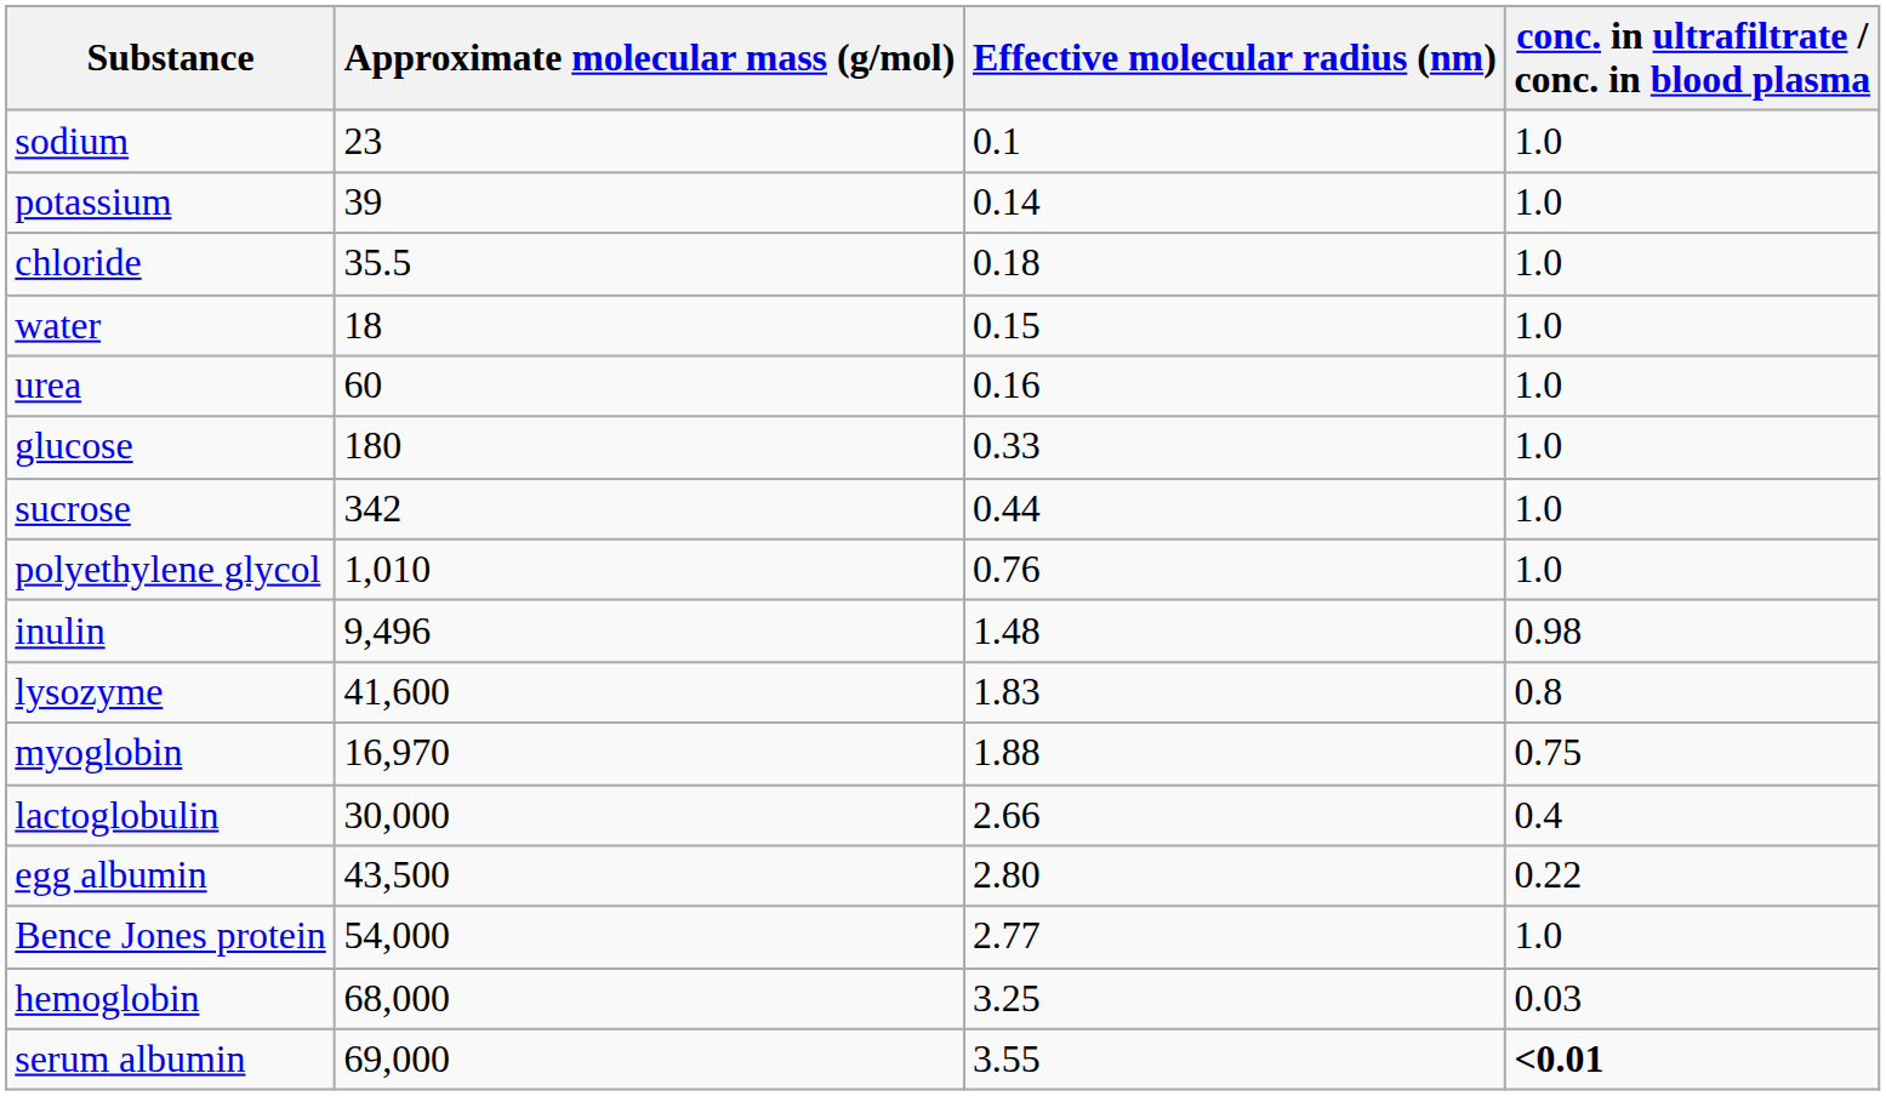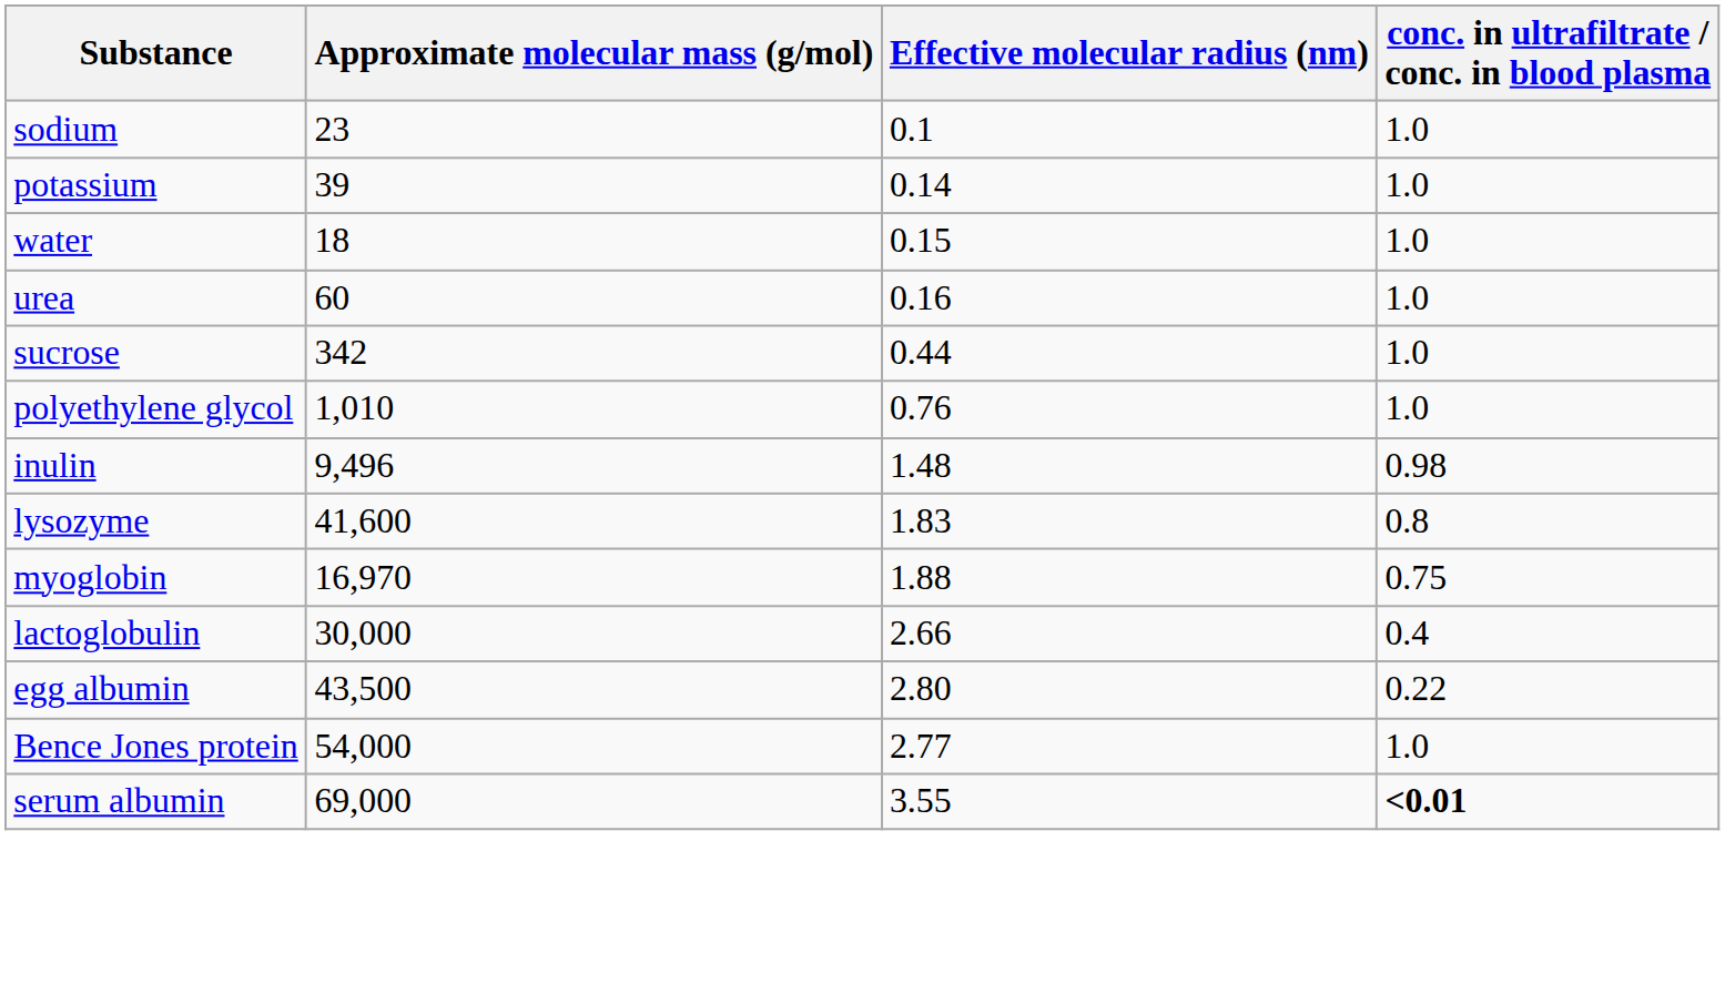 <table class="sortable wikitable" style="halign:center;">
 <tr>
 <th>Substance</th>
 <th>Approximate <a href='#'>molecular mass</a> (g/mol)</th>
 <th><a href='#'>Effective molecular radius</a> (<a href='#'>nm</a>)</th>
 <th><a href='#'>conc.</a> in <a href='#'>ultrafiltrate</a> / <br> conc. in <a href='#'>blood plasma</a></th>
 </tr>
 <tr>
 <td><a href='#'>sodium</a></td>
 <td>23</td>
 <td>0.1</td>
 <td>1.0</td>
 </tr>
 <tr>
 <td><a href='#'>potassium</a></td>
 <td>39</td>
 <td>0.14</td>
 <td>1.0</td>
 </tr>
 <tr>
-<td><a href='#'>chloride</a></td>
-<td>35.5</td>
-<td>0.18</td>
-<td>1.0</td>
-</tr>
-<tr>
 <td><a href='#'>water</a></td>
 <td>18</td>
 <td>0.15</td>
 <td>1.0</td>
 </tr>
 <tr>
 <td><a href='#'>urea</a></td>
 <td>60</td>
 <td>0.16</td>
-<td>1.0</td>
-</tr>
-<tr>
-<td><a href='#'>glucose</a></td>
-<td>180</td>
-<td>0.33</td>
 <td>1.0</td>
 </tr>
 <tr>
 <td><a href='#'>sucrose</a></td>
 <td>342</td>
 <td>0.44</td>
 <td>1.0</td>
 </tr>
 <tr>
 <td><a href='#'>polyethylene glycol</a></td>
 <td>1,010</td>
 <td>0.76</td>
 <td>1.0</td>
 </tr>
 <tr>
 <td><a href='#'>inulin</a></td>
 <td>9,496</td>
 <td>1.48</td>
 <td>0.98</td>
 </tr>
 <tr>
 <td><a href='#'>lysozyme</a></td>
 <td>41,600</td>
 <td>1.83</td>
 <td>0.8</td>
 </tr>
 <tr>
 <td><a href='#'>myoglobin</a></td>
 <td>16,970</td>
 <td>1.88</td>
 <td>0.75</td>
 </tr>
 <tr>
 <td><a href='#'>lactoglobulin</a></td>
 <td>30,000</td>
 <td>2.66</td>
 <td>0.4</td>
 </tr>
 <tr>
 <td><a href='#'>egg albumin</a></td>
 <td>43,500</td>
 <td>2.80</td>
 <td>0.22</td>
 </tr>
 <tr>
 <td><a href='#'>Bence Jones protein</a></td>
 <td>54,000</td>
 <td>2.77</td>
 <td>1.0</td>
 </tr>
 <tr>
-<td><a href='#'>hemoglobin</a></td>
-<td>68,000</td>
-<td>3.25</td>
-<td>0.03</td>
-</tr>
-<tr>
 <td><a href='#'>serum albumin</a></td>
 <td>69,000</td>
 <td>3.55</td>
 <td><strong><0.01</strong></td>
 </tr>
 </table>
